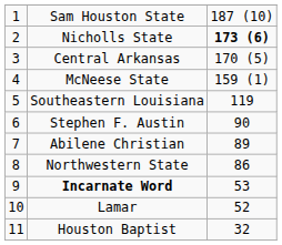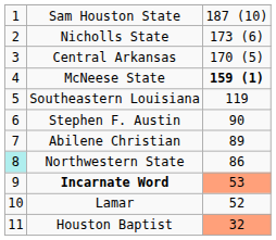 <table class="wikitable">
 <tr align="center">
 </tr>
 <tr align="center">
 <td>1</td>
 <td>Sam Houston State</td>
 <td>187 (10)</td>
 </tr>
 <tr align="center">
 <td>2</td>
 <td>Nicholls State</td>
-<td><strong>173 (6)</strong></td>
+<td>173 (6)</td>
 </tr>
 <tr align="center">
 <td>3</td>
 <td>Central Arkansas</td>
 <td>170 (5)</td>
 </tr>
 <tr align="center">
 <td>4</td>
 <td>McNeese State</td>
-<td>159 (1)</td>
+<td><strong>159 (1)</strong></td>
 </tr>
 <tr align="center">
 <td>5</td>
 <td>Southeastern Louisiana</td>
 <td>119</td>
 </tr>
 <tr align="center">
 <td>6</td>
 <td>Stephen F. Austin</td>
 <td>90</td>
 </tr>
 <tr align="center">
 <td>7</td>
 <td>Abilene Christian</td>
 <td>89</td>
 </tr>
 <tr align="center">
-<td>8</td>
+<td style="background: paleturquoise;">8</td>
 <td>Northwestern State</td>
 <td>86</td>
 </tr>
 <tr align="center">
 <td>9</td>
 <td><strong>Incarnate Word</strong></td>
-<td>53</td>
+<td style="background: lightsalmon;">53</td>
 </tr>
 <tr align="center">
 <td>10</td>
 <td>Lamar</td>
 <td>52</td>
 </tr>
 <tr align="center">
 <td>11</td>
 <td>Houston Baptist</td>
-<td>32</td>
+<td style="background: lightsalmon;">32</td>
 </tr>
 </table>
